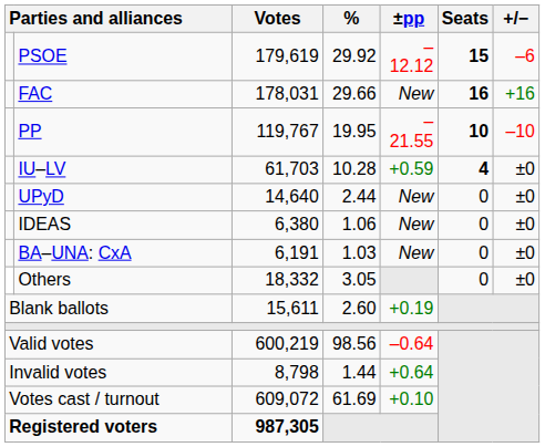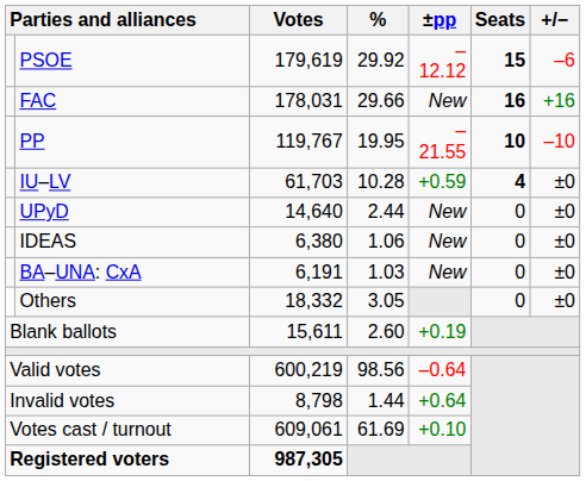 <table class="wikitable" style="text-align:right;">
 <tr>
 <th style="text-align:left;" colspan="2" width="200">Parties and alliances</th>
 <th width="75">Votes</th>
 <th width="45">%</th>
 <th width="45">±<a href='#'>pp</a></th>
 <th width="35">Seats</th>
 <th width="35">+/−</th>
 </tr>
 <tr>
 <td width="1" style="color:inherit;background:"></td>
 <td align="left"><a href='#'>PSOE</a></td>
 <td>179,619</td>
 <td>29.92</td>
 <td style="color:red;">–12.12</td>
 <td><strong>15</strong></td>
 <td style="color:red;">–6</td>
 </tr>
 <tr>
 <td style="color:inherit;background:"></td>
 <td align="left"><a href='#'>FAC</a></td>
 <td>178,031</td>
 <td>29.66</td>
 <td><em>New</em></td>
 <td><strong>16</strong></td>
 <td style="color:green;">+16</td>
 </tr>
 <tr>
 <td style="color:inherit;background:"></td>
 <td align="left"><a href='#'>PP</a></td>
 <td>119,767</td>
 <td>19.95</td>
 <td style="color:red;">–21.55</td>
 <td><strong>10</strong></td>
 <td style="color:red;">–10</td>
 </tr>
 <tr>
 <td style="color:inherit;background:"></td>
 <td align="left"><a href='#'>IU</a>–<a href='#'>LV</a></td>
 <td>61,703</td>
 <td>10.28</td>
 <td style="color:green;">+0.59</td>
 <td><strong>4</strong></td>
 <td>±0</td>
 </tr>
 <tr>
 <td style="color:inherit;background:"></td>
 <td align="left"><a href='#'>UPyD</a></td>
 <td>14,640</td>
 <td>2.44</td>
 <td><em>New</em></td>
 <td>0</td>
 <td>±0</td>
 </tr>
 <tr>
 <td style="color:inherit;background:"></td>
 <td align="left">IDEAS</td>
 <td>6,380</td>
 <td>1.06</td>
 <td><em>New</em></td>
 <td>0</td>
 <td>±0</td>
 </tr>
 <tr>
 <td style="color:inherit;background:"></td>
 <td align="left"><a href='#'>BA</a>–<a href='#'>UNA</a>: <a href='#'>CxA</a></td>
 <td>6,191</td>
 <td>1.03</td>
 <td><em>New</em></td>
 <td>0</td>
 <td>±0</td>
 </tr>
 <tr>
 <td bgcolor="white"></td>
 <td align="left">Others</td>
 <td>18,332</td>
 <td>3.05</td>
 <td bgcolor="#E9E9E9"></td>
 <td>0</td>
 <td>±0</td>
 </tr>
 <tr>
 <td align="left" colspan="2">Blank ballots</td>
 <td>15,611</td>
 <td>2.60</td>
 <td style="color:green;">+0.19</td>
 <td bgcolor="#E9E9E9" colspan="2"></td>
 </tr>
 <tr>
 <td colspan="7" bgcolor="#E9E9E9"></td>
 </tr>
 <tr>
 <td align="left" colspan="2">Valid votes</td>
 <td>600,219</td>
 <td>98.56</td>
 <td style="color:red;">–0.64</td>
 <td bgcolor="#E9E9E9" colspan="2" rowspan="4"></td>
 </tr>
 <tr>
 <td align="left" colspan="2">Invalid votes</td>
 <td>8,798</td>
 <td>1.44</td>
 <td style="color:green;">+0.64</td>
 </tr>
 <tr>
 <td align="left" colspan="2">Votes cast / turnout</td>
-<td>609,072</td>
+<td>609,061</td>
 <td>61.69</td>
 <td style="color:green;">+0.10</td>
 </tr>
 <tr style="font-weight:bold;">
 <td align="left" colspan="2">Registered voters</td>
 <td>987,305</td>
 <td bgcolor="#E9E9E9" colspan="2"></td>
 </tr>
 </table>
